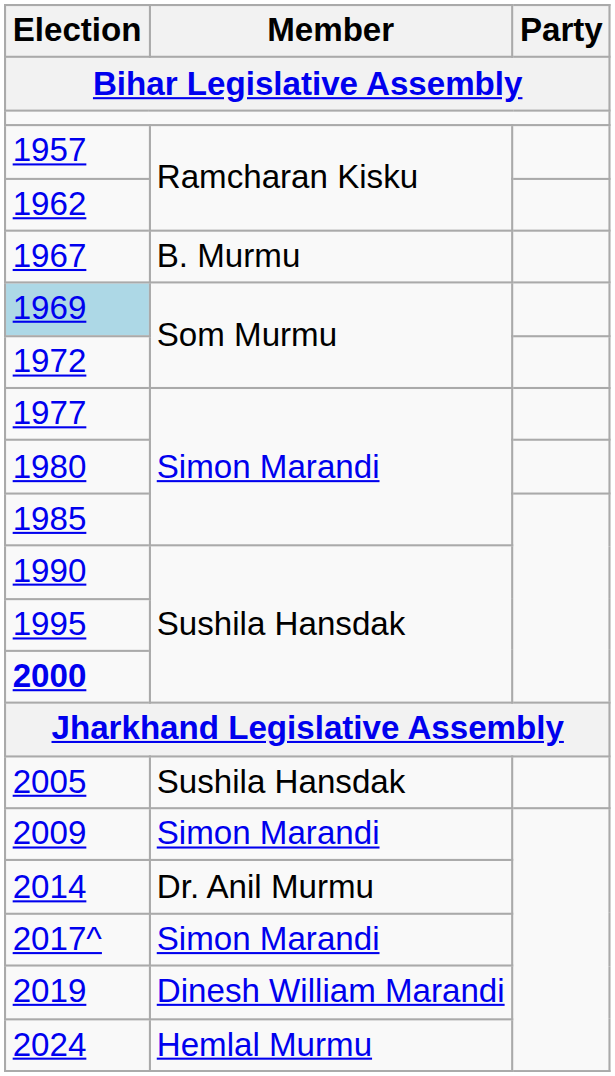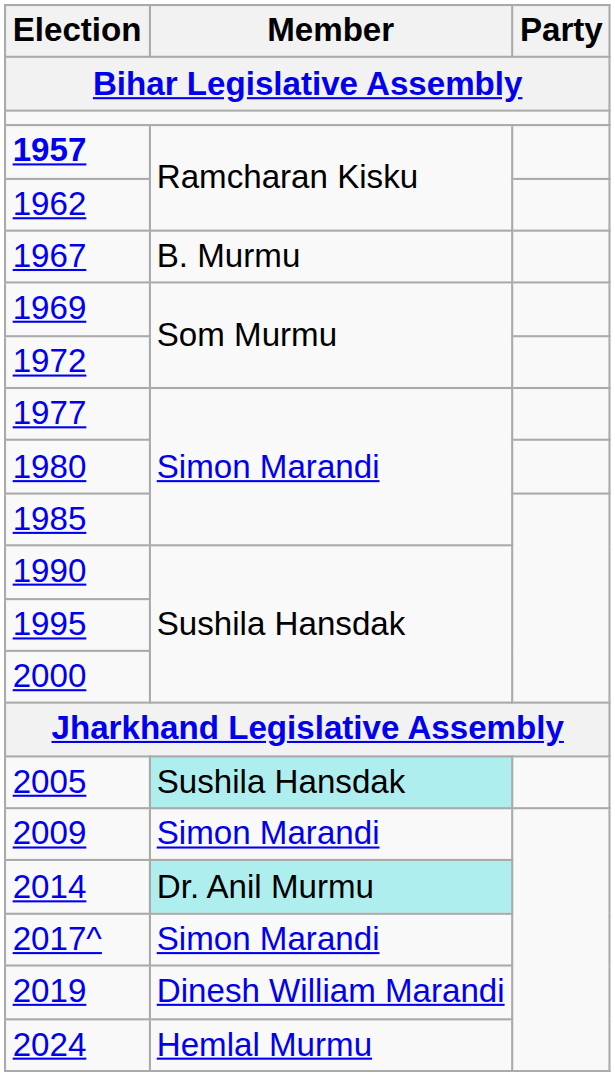 <table class="wikitable sortable">
 <tr>
 <th>Election</th>
 <th>Member</th>
 <th colspan=2>Party</th>
 </tr>
 <tr>
 <th colspan=4><a href='#'>Bihar Legislative Assembly</a></th>
 </tr>
 <tr>
 <td colspan="4"></td>
 </tr>
 <tr>
-<td><a href='#'>1957</a></td>
+<td><strong><a href='#'>1957</a></strong></td>
 <td rowspan=2>Ramcharan Kisku</td>
 <td></td>
 </tr>
 <tr>
 <td><a href='#'>1962</a></td>
 <td></td>
 </tr>
 <tr>
 <td><a href='#'>1967</a></td>
 <td>B. Murmu</td>
 <td></td>
 </tr>
 <tr>
-<td style="background: lightblue;"><a href='#'>1969</a></td>
+<td><a href='#'>1969</a></td>
 <td rowspan=2>Som Murmu</td>
 <td></td>
 </tr>
 <tr>
 <td><a href='#'>1972</a></td>
 </tr>
 <tr>
 <td><a href='#'>1977</a></td>
 <td rowspan=3><a href='#'>Simon Marandi</a></td>
 <td></td>
 </tr>
 <tr>
 <td><a href='#'>1980</a></td>
 <td></td>
 </tr>
 <tr>
 <td><a href='#'>1985</a></td>
 </tr>
 <tr>
 <td><a href='#'>1990</a></td>
 <td rowspan=3>Sushila Hansdak</td>
 </tr>
 <tr>
 <td><a href='#'>1995</a></td>
 </tr>
 <tr>
-<td><strong><a href='#'>2000</a></strong></td>
+<td><a href='#'>2000</a></td>
 </tr>
 <tr>
 <th colspan=4><a href='#'>Jharkhand Legislative Assembly</a></th>
 </tr>
 <tr>
 <td><a href='#'>2005</a></td>
-<td>Sushila Hansdak</td>
+<td style="background: paleturquoise;">Sushila Hansdak</td>
 <td></td>
 </tr>
 <tr>
 <td><a href='#'>2009</a></td>
 <td><a href='#'>Simon Marandi</a></td>
 </tr>
 <tr>
 <td><a href='#'>2014</a></td>
-<td>Dr. Anil Murmu</td>
+<td style="background: paleturquoise;">Dr. Anil Murmu</td>
 </tr>
 <tr>
 <td><a href='#'>2017^</a></td>
 <td><a href='#'>Simon Marandi</a></td>
 </tr>
 <tr>
 <td><a href='#'>2019</a></td>
 <td><a href='#'>Dinesh William Marandi</a></td>
 </tr>
 <tr>
 <td><a href='#'>2024</a></td>
 <td><a href='#'>Hemlal Murmu</a></td>
 </tr>
 <tr>
 </tr>
 </table>
